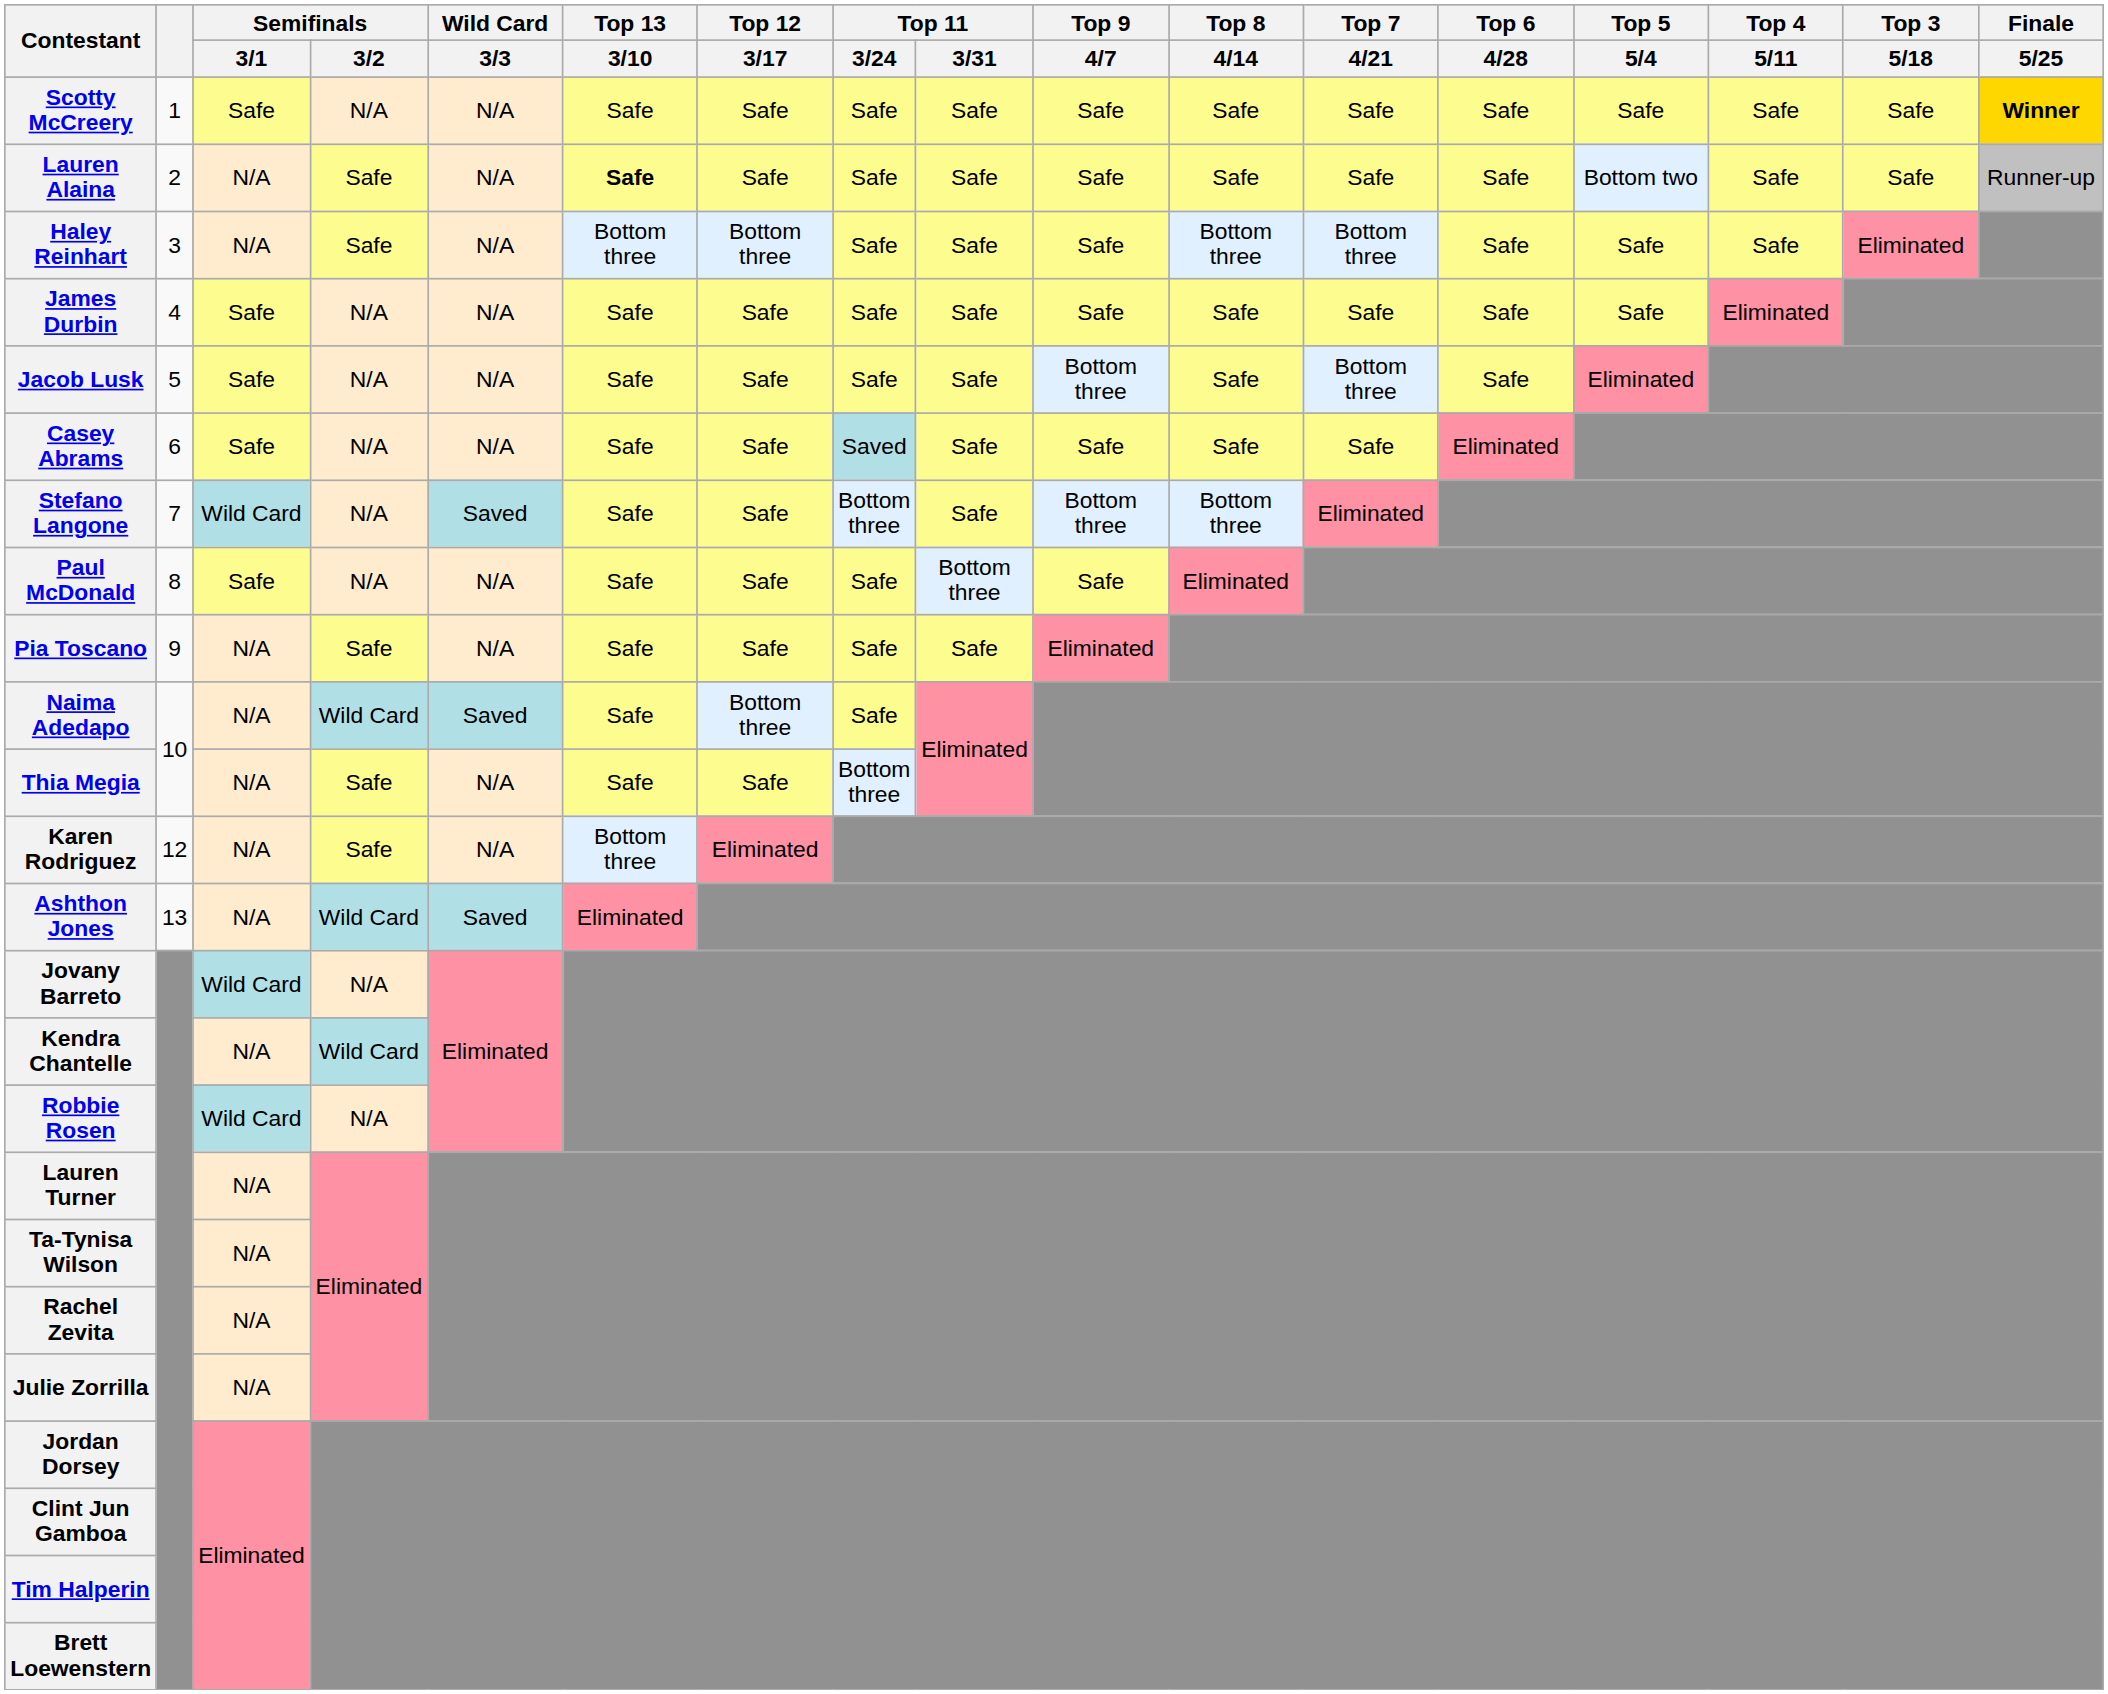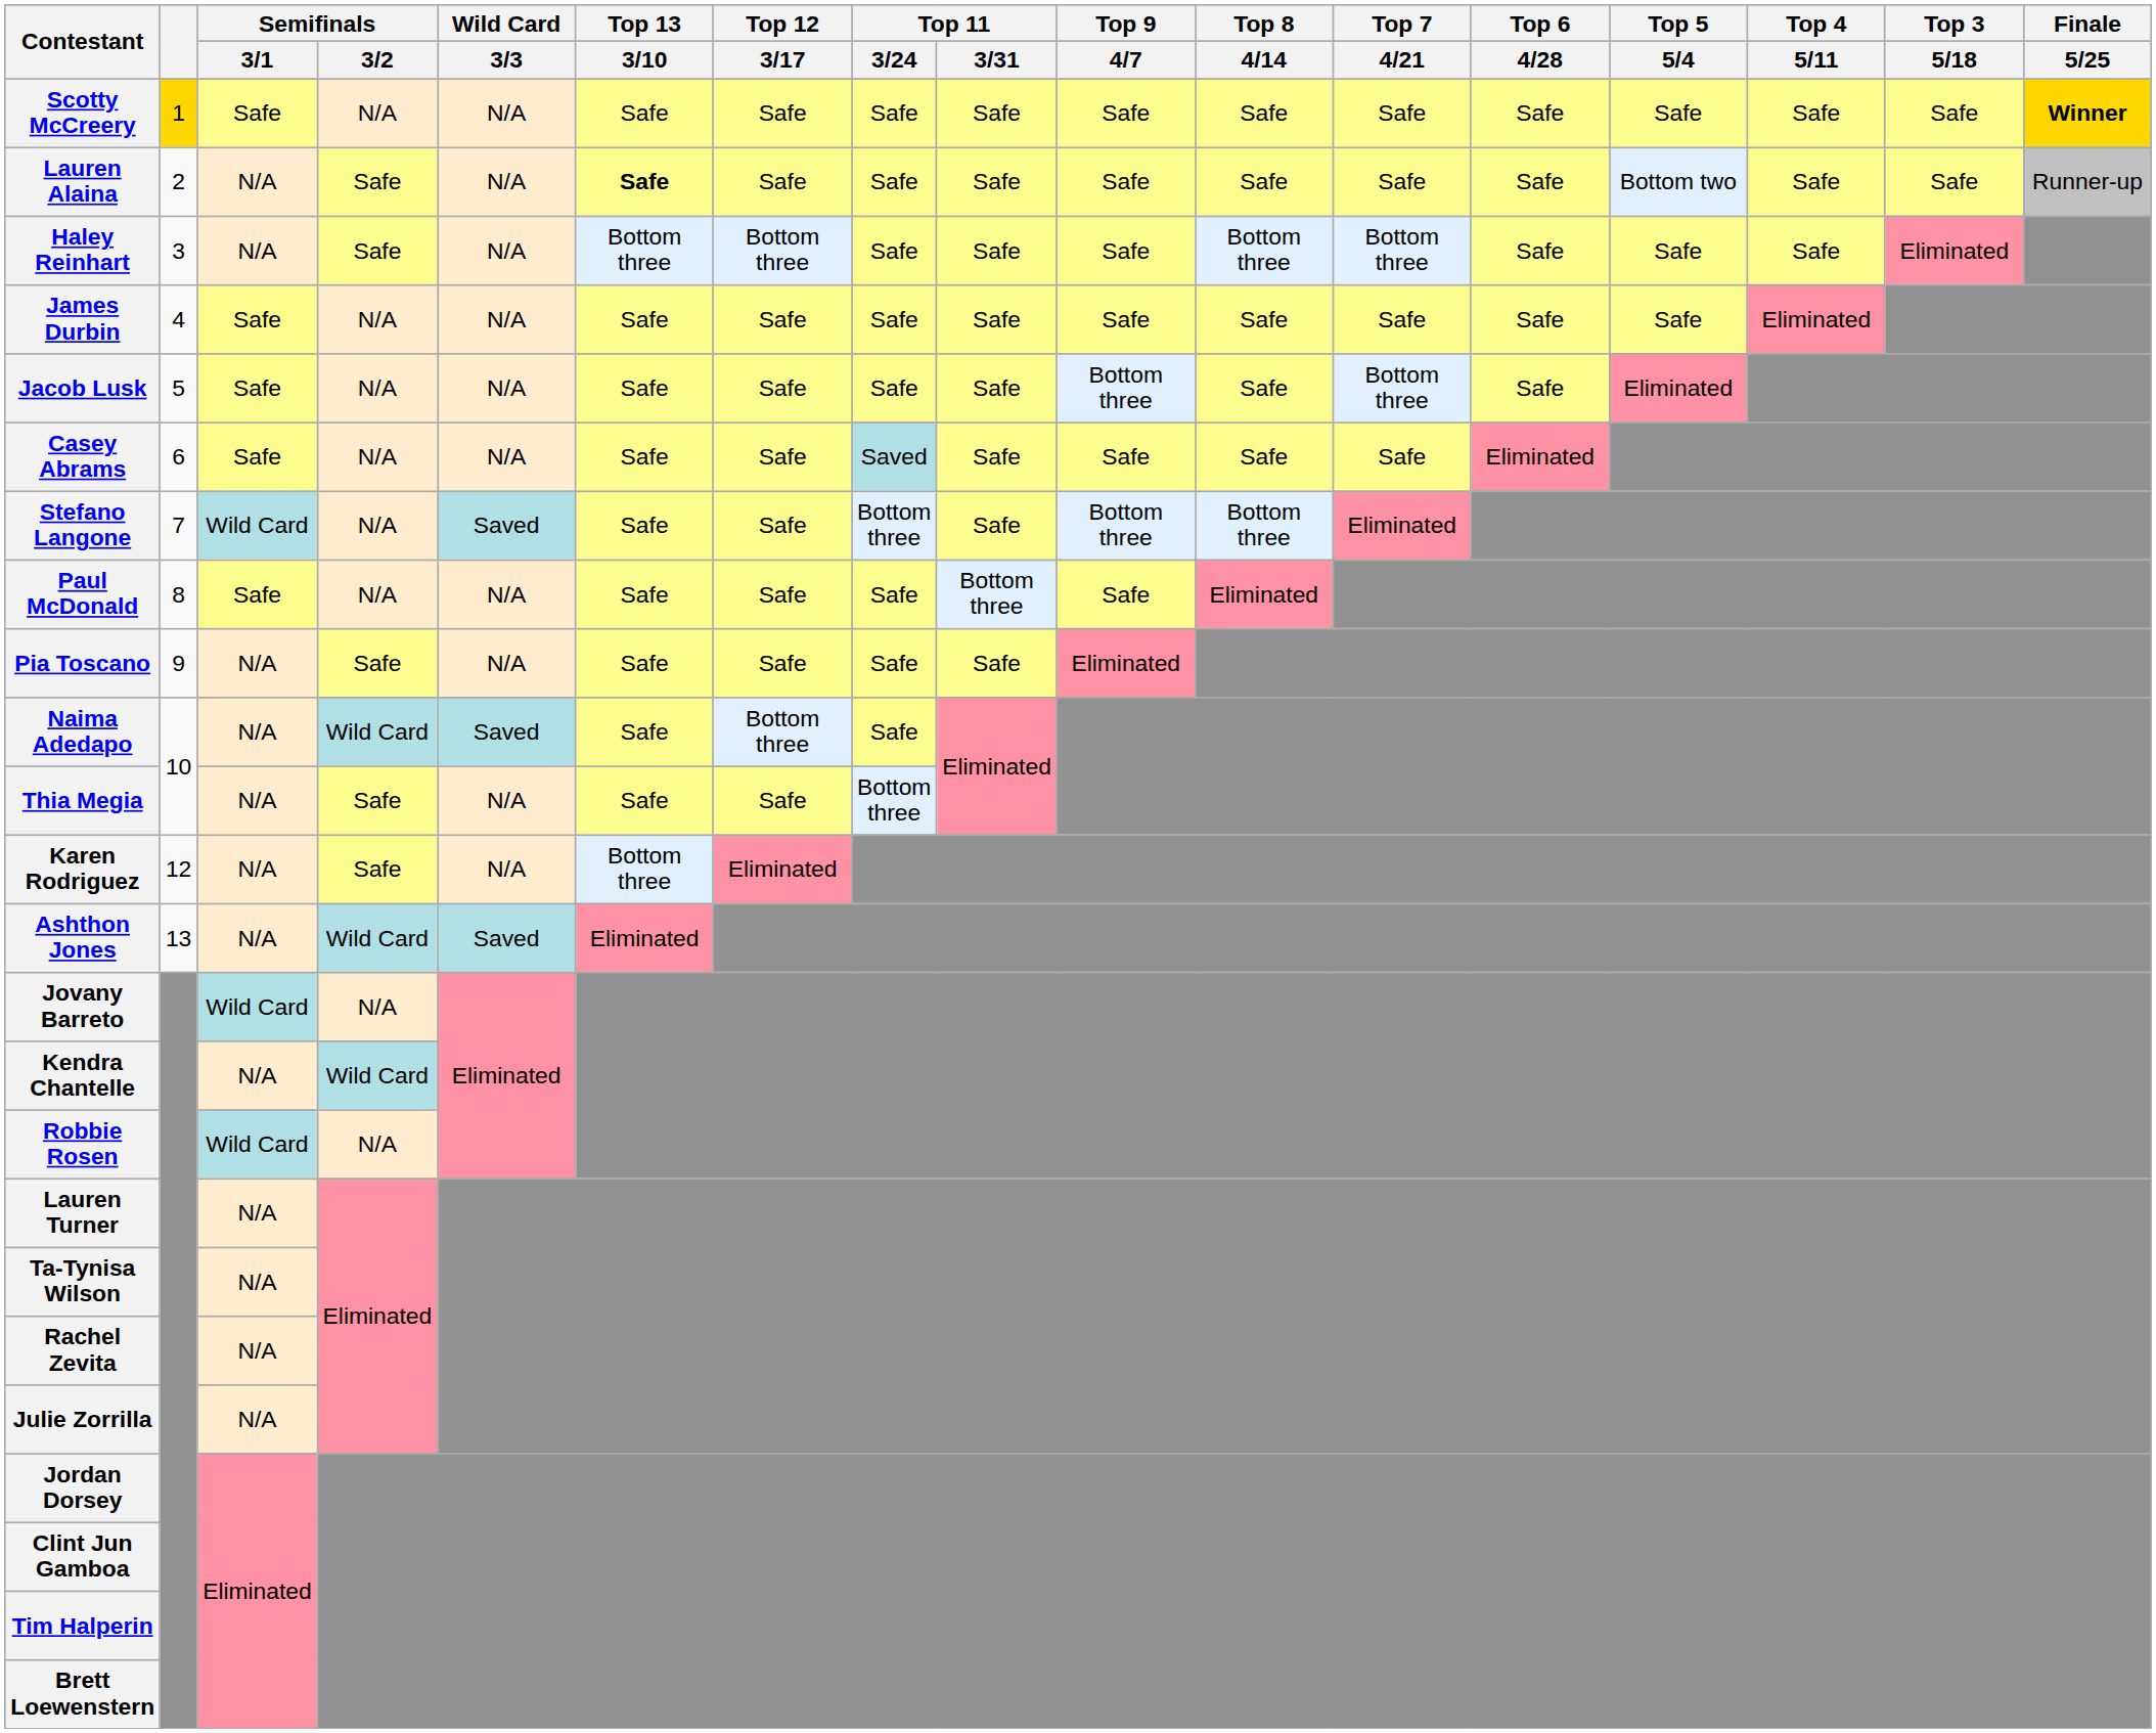 <table class="wikitable" style="text-align:center; font-size:85%;">
 <tr>
 <th scope="col" rowspan="2">Contestant</th>
 <th scope="col" rowspan="2"></th>
 <th colspan="2" scope="col" style="width:7%;">Semifinals</th>
 <th scope="col" style="width:7%;">Wild Card</th>
 <th scope="col" style="width:7%;">Top 13</th>
 <th scope="col" style="width:7%;">Top 12</th>
 <th scope="col" colspan=2 style="width:6%;">Top 11</th>
 <th scope="col" style="width:7%;">Top 9</th>
 <th scope="col" style="width:7%;">Top 8</th>
 <th scope="col" style="width:7%;">Top 7</th>
 <th scope="col" style="width:7%;">Top 6</th>
 <th scope="col" style="width:7%;">Top 5</th>
 <th scope="col" style="width:7%;">Top 4</th>
 <th scope="col" style="width:7%;">Top 3</th>
 <th scope="col" style="width:7%;">Finale</th>
 </tr>
 <tr>
 <th>3/1</th>
 <th>3/2</th>
 <th>3/3</th>
 <th>3/10</th>
 <th>3/17</th>
 <th>3/24</th>
 <th>3/31</th>
 <th>4/7</th>
 <th>4/14</th>
 <th>4/21</th>
 <th>4/28</th>
 <th>5/4</th>
 <th>5/11</th>
 <th>5/18</th>
 <th>5/25</th>
 </tr>
 <tr style="height:40px">
 <th scope="row"><a href='#'>Scotty McCreery</a></th>
-<td>1</td>
+<td style="background: gold;">1</td>
 <td style="background:#FDFC8F;">Safe</td>
 <td style="background:#FFEBCD;">N/A</td>
 <td style="background:#FFEBCD;">N/A</td>
 <td style="background:#FDFC8F;">Safe</td>
 <td style="background:#FDFC8F;">Safe</td>
 <td style="background:#FDFC8F;">Safe</td>
 <td style="background:#FDFC8F;">Safe</td>
 <td style="background:#FDFC8F;">Safe</td>
 <td style="background:#FDFC8F;">Safe</td>
 <td style="background:#FDFC8F;">Safe</td>
 <td style="background:#FDFC8F;">Safe</td>
 <td style="background:#FDFC8F;">Safe</td>
 <td style="background:#FDFC8F;">Safe</td>
 <td style="background:#FDFC8F;">Safe</td>
 <td style="background:gold;"><strong>Winner</strong></td>
 </tr>
 <tr style="height:40px">
 <th scope="row"><a href='#'>Lauren Alaina</a></th>
 <td>2</td>
 <td style="background:#FFEBCD;">N/A</td>
 <td style="background:#FDFC8F;">Safe</td>
 <td style="background:#FFEBCD;">N/A</td>
 <td style="background:#FDFC8F;"><strong>Safe</strong></td>
 <td style="background:#FDFC8F;">Safe</td>
 <td style="background:#FDFC8F;">Safe</td>
 <td style="background:#FDFC8F;">Safe</td>
 <td style="background:#FDFC8F;">Safe</td>
 <td style="background:#FDFC8F;">Safe</td>
 <td style="background:#FDFC8F;">Safe</td>
 <td style="background:#FDFC8F;">Safe</td>
 <td style="background:#e0f0ff;">Bottom two</td>
 <td style="background:#FDFC8F;">Safe</td>
 <td style="background:#FDFC8F;">Safe</td>
 <td style="background:silver">Runner-up</td>
 </tr>
 <tr style="height:40px">
 <th scope="row"><a href='#'>Haley Reinhart</a></th>
 <td>3</td>
 <td style="background:#FFEBCD;">N/A</td>
 <td style="background:#FDFC8F;">Safe</td>
 <td style="background:#FFEBCD;">N/A</td>
 <td style="background:#e0f0ff;">Bottom three</td>
 <td style="background:#e0f0ff;">Bottom three</td>
 <td style="background:#FDFC8F;">Safe</td>
 <td style="background:#FDFC8F;">Safe</td>
 <td style="background:#FDFC8F;">Safe</td>
 <td style="background:#e0f0ff;">Bottom three</td>
 <td style="background:#e0f0ff;">Bottom three</td>
 <td style="background:#FDFC8F;">Safe</td>
 <td style="background:#FDFC8F;">Safe</td>
 <td style="background:#FDFC8F;">Safe</td>
 <td style="background:#FF91A4">Eliminated</td>
 <td style="background:#919191"></td>
 </tr>
 <tr style="height:40px">
 <th scope="row"><a href='#'>James Durbin</a></th>
 <td>4</td>
 <td style="background:#FDFC8F;">Safe</td>
 <td style="background:#FFEBCD;">N/A</td>
 <td style="background:#FFEBCD;">N/A</td>
 <td style="background:#FDFC8F;">Safe</td>
 <td style="background:#FDFC8F;">Safe</td>
 <td style="background:#FDFC8F;">Safe</td>
 <td style="background:#FDFC8F;">Safe</td>
 <td style="background:#FDFC8F;">Safe</td>
 <td style="background:#FDFC8F;">Safe</td>
 <td style="background:#FDFC8F;">Safe</td>
 <td style="background:#FDFC8F;">Safe</td>
 <td style="background:#FDFC8F;">Safe</td>
 <td style="background:#FF91A4">Eliminated</td>
 <td colspan="2" style="background:#919191"></td>
 </tr>
 <tr style="height:40px">
 <th scope="row"><a href='#'>Jacob Lusk</a></th>
 <td>5</td>
 <td style="background:#FDFC8F;">Safe</td>
 <td style="background:#FFEBCD;">N/A</td>
 <td style="background:#FFEBCD;">N/A</td>
 <td style="background:#FDFC8F;">Safe</td>
 <td style="background:#FDFC8F;">Safe</td>
 <td style="background:#FDFC8F;">Safe</td>
 <td style="background:#FDFC8F;">Safe</td>
 <td style="background:#e0f0ff;">Bottom three</td>
 <td style="background:#FDFC8F;">Safe</td>
 <td style="background:#e0f0ff;">Bottom three</td>
 <td style="background:#FDFC8F;">Safe</td>
 <td style="background:#FF91A4">Eliminated</td>
 <td colspan="3" style="background:#919191"></td>
 </tr>
 <tr style="height:40px">
 <th scope="row"><a href='#'>Casey Abrams</a></th>
 <td>6</td>
 <td style="background:#FDFC8F;">Safe</td>
 <td style="background:#FFEBCD;">N/A</td>
 <td style="background:#FFEBCD;">N/A</td>
 <td style="background:#FDFC8F;">Safe</td>
 <td style="background:#FDFC8F;">Safe</td>
 <td style="background:#B0E0E6;">Saved</td>
 <td style="background:#FDFC8F;">Safe</td>
 <td style="background:#FDFC8F;">Safe</td>
 <td style="background:#FDFC8F;">Safe</td>
 <td style="background:#FDFC8F;">Safe</td>
 <td style="background:#FF91A4">Eliminated</td>
 <td colspan="4" style="background:#919191"></td>
 </tr>
 <tr style="height:40px">
 <th scope="row"><a href='#'>Stefano Langone</a></th>
 <td>7</td>
 <td style="background:#B0E0E6;">Wild Card</td>
 <td style="background:#FFEBCD;">N/A</td>
 <td style="background:#B0E0E6;">Saved</td>
 <td style="background:#FDFC8F;">Safe</td>
 <td style="background:#FDFC8F;">Safe</td>
 <td style="background:#e0f0ff;">Bottom three</td>
 <td style="background:#FDFC8F;">Safe</td>
 <td style="background:#e0f0ff;">Bottom three</td>
 <td style="background:#e0f0ff;">Bottom three</td>
 <td style="background:#FF91A4">Eliminated</td>
 <td colspan="5" style="background:#919191"></td>
 </tr>
 <tr style="height:40px">
 <th scope="row"><a href='#'>Paul McDonald</a></th>
 <td>8</td>
 <td style="background:#FDFC8F;">Safe</td>
 <td style="background:#FFEBCD;">N/A</td>
 <td style="background:#FFEBCD;">N/A</td>
 <td style="background:#FDFC8F;">Safe</td>
 <td style="background:#FDFC8F;">Safe</td>
 <td style="background:#FDFC8F;">Safe</td>
 <td style="background:#e0f0ff;">Bottom three</td>
 <td style="background:#FDFC8F;">Safe</td>
 <td style="background:#FF91A4">Eliminated</td>
 <td colspan="6" style="background:#919191"></td>
 </tr>
 <tr style="height:40px">
 <th scope="row"><a href='#'>Pia Toscano</a></th>
 <td>9</td>
 <td style="background:#FFEBCD;">N/A</td>
 <td style="background:#FDFC8F;">Safe</td>
 <td style="background:#FFEBCD;">N/A</td>
 <td style="background:#FDFC8F;">Safe</td>
 <td style="background:#FDFC8F;">Safe</td>
 <td style="background:#FDFC8F;">Safe</td>
 <td style="background:#FDFC8F;">Safe</td>
 <td style="background:#FF91A4">Eliminated</td>
 <td colspan="7" style="background:#919191"></td>
 </tr>
 <tr style="height:40px">
 <th scope="row"><a href='#'>Naima Adedapo</a></th>
 <td rowspan="2">10</td>
 <td style="background:#FFEBCD;">N/A</td>
 <td style="background:#B0E0E6;">Wild Card</td>
 <td style="background:#B0E0E6;">Saved</td>
 <td style="background:#FDFC8F;">Safe</td>
 <td style="background:#e0f0ff;">Bottom three</td>
 <td style="background:#FDFC8F;">Safe</td>
 <td rowspan=2 style="background:#FF91A4">Eliminated</td>
 <td colspan="8" rowspan="2" style="background:#919191"></td>
 </tr>
 <tr style="height:40px">
 <th scope="row"><a href='#'>Thia Megia</a></th>
 <td style="background:#FFEBCD;">N/A</td>
 <td style="background:#FDFC8F;">Safe</td>
 <td style="background:#FFEBCD;">N/A</td>
 <td style="background:#FDFC8F;">Safe</td>
 <td style="background:#FDFC8F;">Safe</td>
 <td style="background:#e0f0ff;">Bottom three</td>
 </tr>
 <tr style="height:40px">
 <th scope="row">Karen Rodriguez</th>
 <td>12</td>
 <td style="background:#FFEBCD;">N/A</td>
 <td style="background:#FDFC8F;">Safe</td>
 <td style="background:#FFEBCD;">N/A</td>
 <td style="background:#e0f0ff;">Bottom three</td>
 <td style="background:#FF91A4">Eliminated</td>
 <td colspan="10" style="background:#919191"></td>
 </tr>
 <tr style="height:40px">
 <th scope="row"><a href='#'>Ashthon Jones</a></th>
 <td>13</td>
 <td style="background:#FFEBCD;">N/A</td>
 <td style="background:#B0E0E6;">Wild Card</td>
 <td style="background:#B0E0E6;">Saved</td>
 <td style="background:#FF91A4">Eliminated</td>
 <td colspan="11" style="background:#919191"></td>
 </tr>
 <tr style="height:40px">
 <th scope="row">Jovany Barreto</th>
 <td rowspan="11" bgcolor="919191"></td>
 <td style="background:#B0E0E6;">Wild Card</td>
 <td style="background:#FFEBCD;">N/A</td>
 <td rowspan=3 style="background:#FF91A4">Eliminated</td>
 <td colspan="12" rowspan="3" style="background:#919191"></td>
 </tr>
 <tr style="height:40px">
 <th scope="row">Kendra Chantelle</th>
 <td style="background:#FFEBCD;">N/A</td>
 <td style="background:#B0E0E6;">Wild Card</td>
 </tr>
 <tr style="height:40px">
 <th scope="row"><a href='#'>Robbie Rosen</a></th>
 <td style="background:#B0E0E6;">Wild Card</td>
 <td style="background:#FFEBCD;">N/A</td>
 </tr>
 <tr style="height:40px">
 <th scope="row">Lauren Turner</th>
 <td style="background:#FFEBCD;">N/A</td>
 <td rowspan=4 style="background:#FF91A4">Eliminated</td>
 <td colspan="13" rowspan="4" style="background:#919191"></td>
 </tr>
 <tr style="height:40px">
 <th scope="row">Ta-Tynisa Wilson</th>
 <td style="background:#FFEBCD;">N/A</td>
 </tr>
 <tr style="height:40px">
 <th scope="row">Rachel Zevita</th>
 <td style="background:#FFEBCD;">N/A</td>
 </tr>
 <tr style="height:40px">
 <th scope="row">Julie Zorrilla</th>
 <td style="background:#FFEBCD;">N/A</td>
 </tr>
 <tr style="height:40px">
 <th scope="row">Jordan Dorsey</th>
 <td rowspan=4 style="background:#FF91A4">Eliminated</td>
 <td colspan="14" rowspan="4" style="background:#919191"></td>
 </tr>
 <tr style="height:40px">
 <th scope="row">Clint Jun Gamboa</th>
 </tr>
 <tr style="height:40px">
 <th scope="row"><a href='#'>Tim Halperin</a></th>
 </tr>
 <tr style="height:40px">
 <th scope="row">Brett Loewenstern</th>
 </tr>
 </table>
